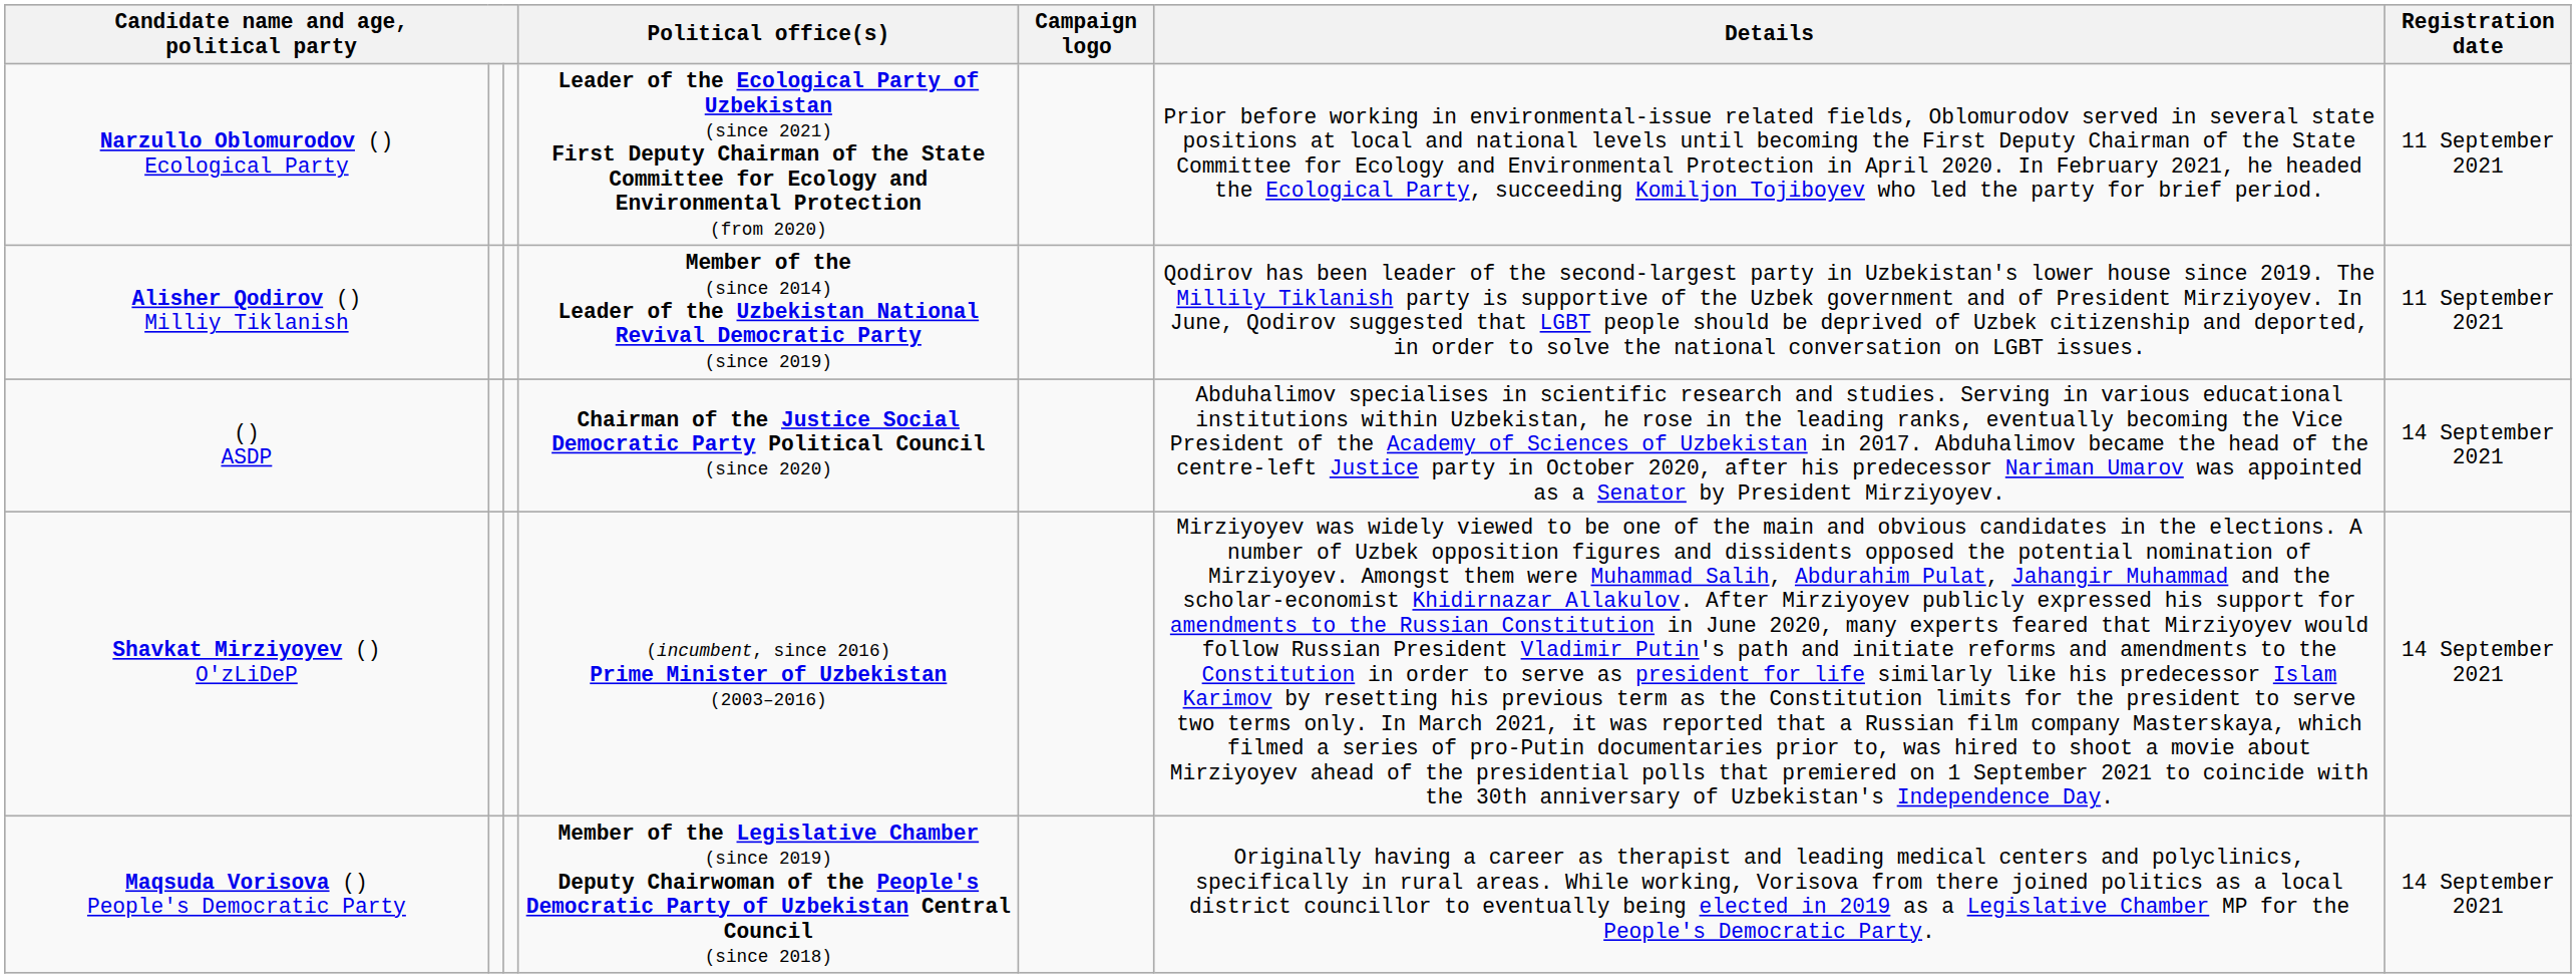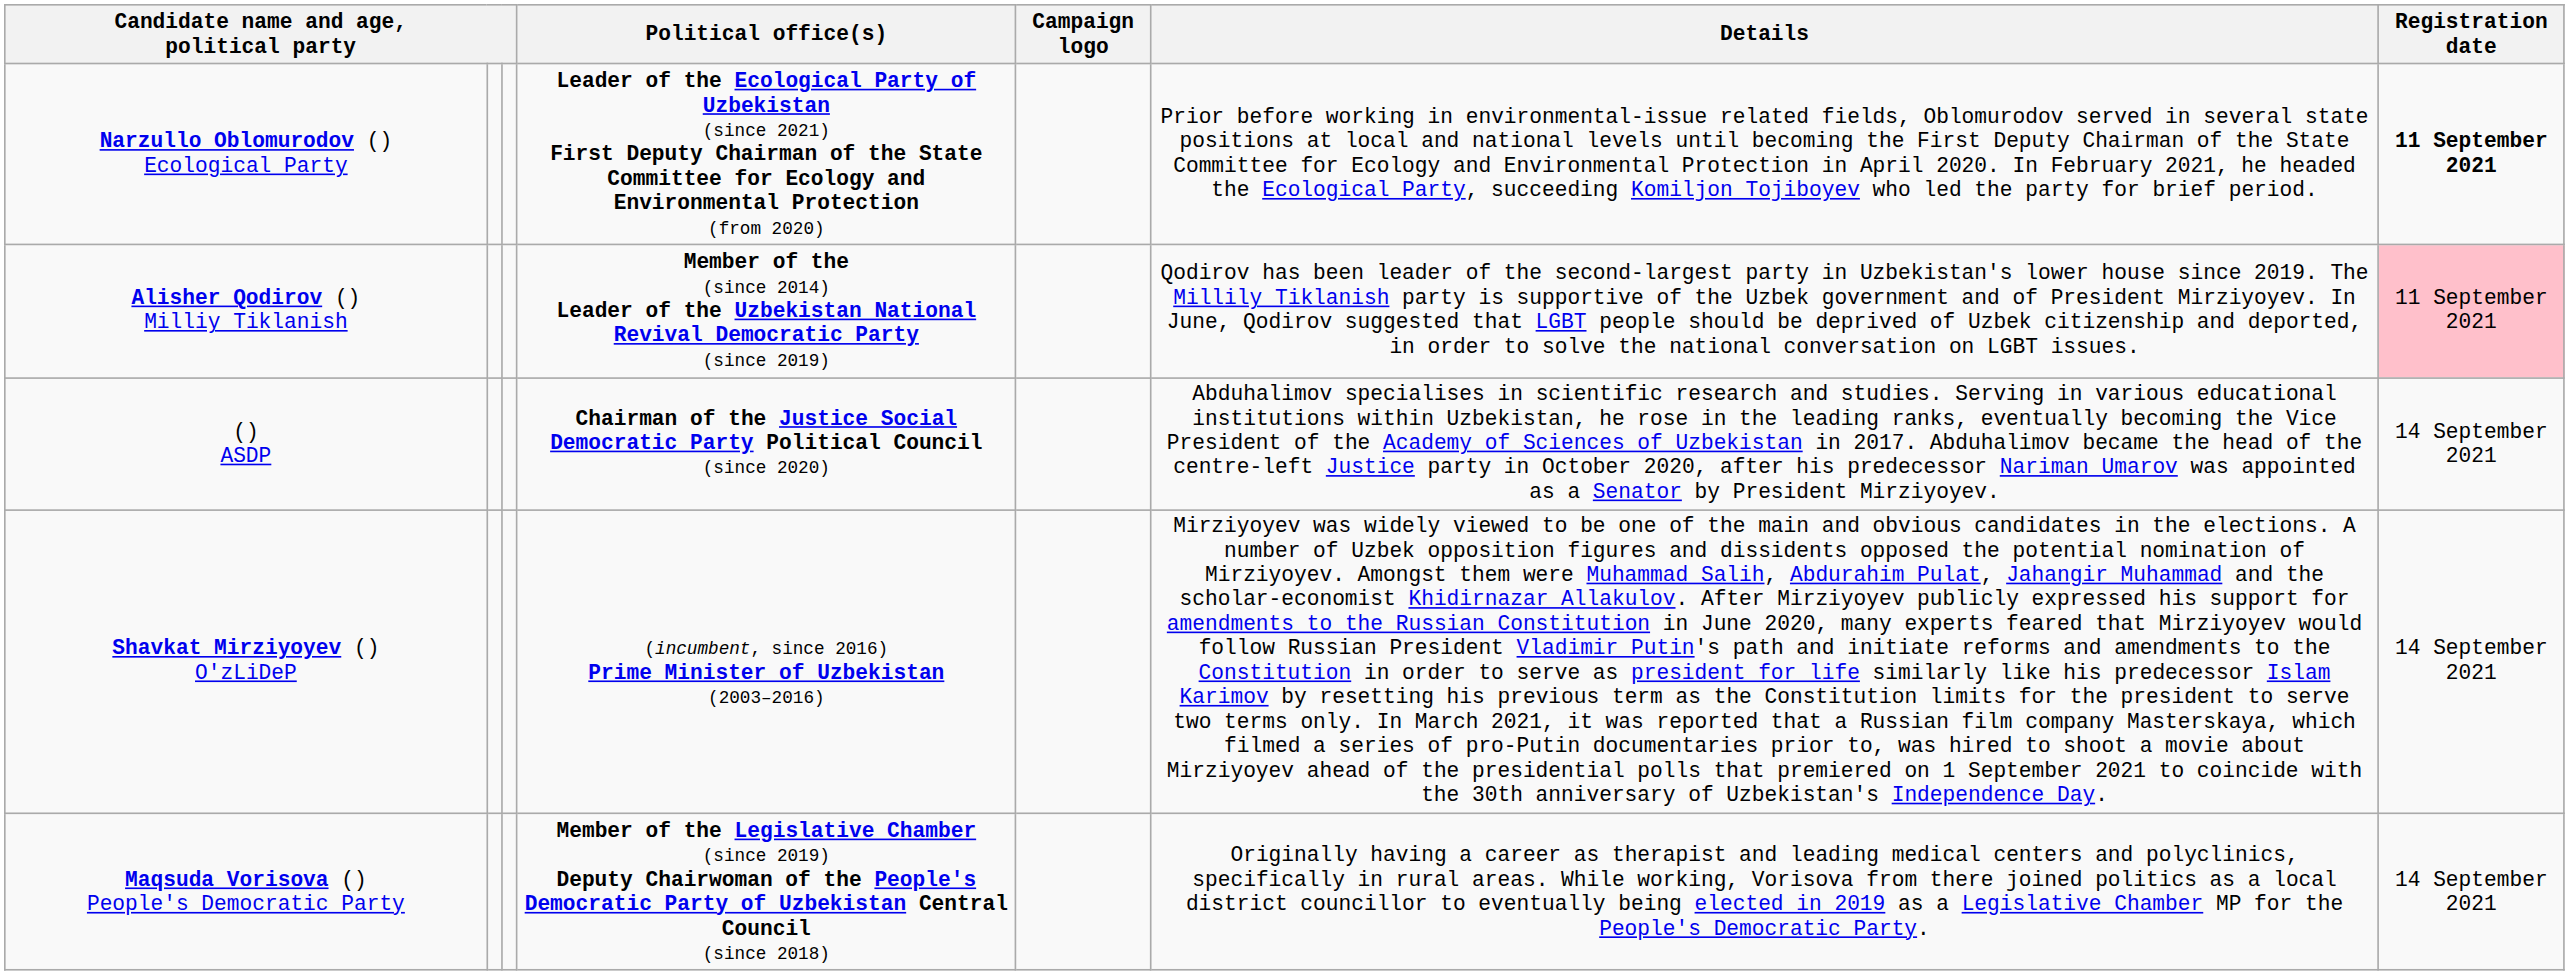 <table class="wikitable" style="text-align:center;">
 <tr>
 <th colspan="3" style="width:20%;">Candidate name and age,<br>political party</th>
 <th>Political office(s)</th>
 <th>Campaign logo</th>
 <th style="width:48%;">Details</th>
 <th>Registration date</th>
 </tr>
 <tr>
 <td><strong><a href='#'>Narzullo Oblomurodov</a></strong> ()<br><a href='#'>Ecological Party</a></td>
 <td></td>
 <td style="background-color:"></td>
 <td><strong>Leader of the <a href='#'>Ecological Party of Uzbekistan</a></strong><br><small>(since 2021)</small><br><strong>First Deputy Chairman of the State Committee for Ecology and Environmental Protection</strong><br><small>(from 2020)</small></td>
 <td></td>
 <td>Prior before working in environmental-issue related fields, Oblomurodov served in several state positions at local and national levels until becoming the First Deputy Chairman of the State Committee for Ecology and Environmental Protection in April 2020. In February 2021, he headed the <a href='#'>Ecological Party</a>, succeeding <a href='#'>Komiljon Tojiboyev</a> who led the party for brief period.</td>
-<td>11 September 2021</td>
+<td><strong>11 September 2021</strong></td>
 </tr>
 <tr>
 <td><strong><a href='#'>Alisher Qodirov</a></strong> ()<br><a href='#'>Milliy Tiklanish</a></td>
 <td></td>
 <td style="background-color:"></td>
 <td><strong>Member of the </strong><br><small>(since 2014)</small><br><strong>Leader of the <a href='#'>Uzbekistan National Revival Democratic Party</a></strong><br><small>(since 2019)</small><br></td>
 <td></td>
 <td>Qodirov has been leader of the second-largest party in Uzbekistan's lower house since 2019. The <a href='#'>Millily Tiklanish</a> party is supportive of the Uzbek government and of President Mirziyoyev. In June, Qodirov suggested that <a href='#'>LGBT</a> people should be deprived of Uzbek citizenship and deported, in order to solve the national conversation on LGBT issues.</td>
-<td>11 September 2021</td>
+<td style="background: pink;">11 September 2021</td>
 </tr>
 <tr>
 <td><strong></strong> ()<br><a href='#'>ASDP</a></td>
 <td></td>
 <td style="background-color:"></td>
 <td><strong>Chairman of the <a href='#'>Justice Social Democratic Party</a> Political Council</strong><br><small>(since 2020)</small><br></td>
 <td></td>
 <td>Abduhalimov specialises in scientific research and studies. Serving in various educational institutions within Uzbekistan, he rose in the leading ranks, eventually becoming the Vice President of the <a href='#'>Academy of Sciences of Uzbekistan</a> in 2017. Abduhalimov became the head of the centre-left <a href='#'>Justice</a> party in October 2020, after his predecessor <a href='#'>Nariman Umarov</a> was appointed as a <a href='#'>Senator</a> by President Mirziyoyev.</td>
 <td>14 September 2021</td>
 </tr>
 <tr>
 <td><strong><a href='#'>Shavkat Mirziyoyev</a></strong> ()<br><a href='#'>O'zLiDeP</a></td>
 <td></td>
 <td style="background-color:"></td>
 <td><br><small>(<em>incumbent</em>, since 2016)</small><br><strong><a href='#'>Prime Minister of Uzbekistan</a></strong><br><small>(2003–2016)</small></td>
 <td></td>
 <td>Mirziyoyev was widely viewed to be one of the main and obvious candidates in the elections. A number of Uzbek opposition figures and dissidents opposed the potential nomination of Mirziyoyev. Amongst them were <a href='#'>Muhammad Salih</a>, <a href='#'>Abdurahim Pulat</a>, <a href='#'>Jahangir Muhammad</a> and the scholar-economist <a href='#'>Khidirnazar Allakulov</a>. After Mirziyoyev publicly expressed his support for <a href='#'>amendments to the Russian Constitution</a> in June 2020, many experts feared that Mirziyoyev would follow Russian President <a href='#'>Vladimir Putin</a>'s path and initiate reforms and amendments to the <a href='#'>Constitution</a> in order to serve as <a href='#'>president for life</a> similarly like his predecessor <a href='#'>Islam Karimov</a> by resetting his previous term as the Constitution limits for the president to serve two terms only. In March 2021, it was reported that a Russian film company Masterskaya, which filmed a series of pro-Putin documentaries prior to, was hired to shoot a movie about Mirziyoyev ahead of the presidential polls that premiered on 1 September 2021 to coincide with the 30th anniversary of Uzbekistan's <a href='#'>Independence Day</a>.</td>
 <td>14 September 2021</td>
 </tr>
 <tr>
 <td><strong><a href='#'>Maqsuda Vorisova</a></strong> ()<br><a href='#'>People's Democratic Party</a></td>
 <td></td>
 <td style="background-color:"></td>
 <td><strong>Member of the <a href='#'>Legislative Chamber</a></strong><br><small>(since 2019)</small><br><strong>Deputy Chairwoman of the <a href='#'>People's Democratic Party of Uzbekistan</a> Central Council</strong><br><small>(since 2018)</small></td>
 <td></td>
 <td>Originally having a career as therapist and leading medical centers and polyclinics, specifically in rural areas. While working, Vorisova from there joined politics as a local district councillor to eventually being <a href='#'>elected in 2019</a> as a <a href='#'>Legislative Chamber</a> MP for the <a href='#'>People's Democratic Party</a>.</td>
 <td>14 September 2021</td>
 </tr>
 </table>
